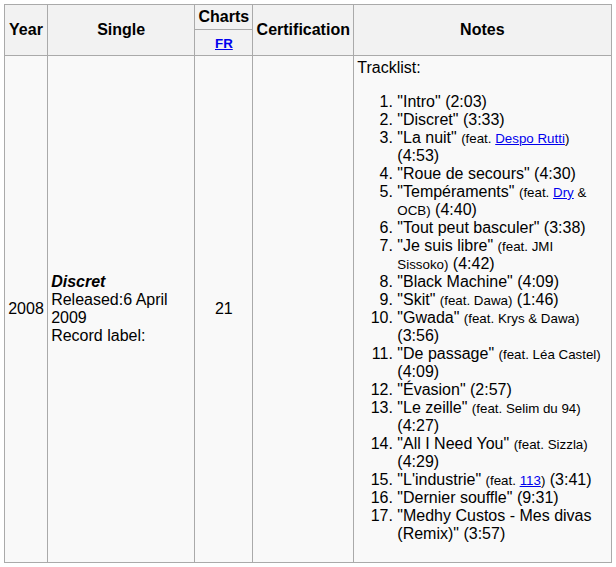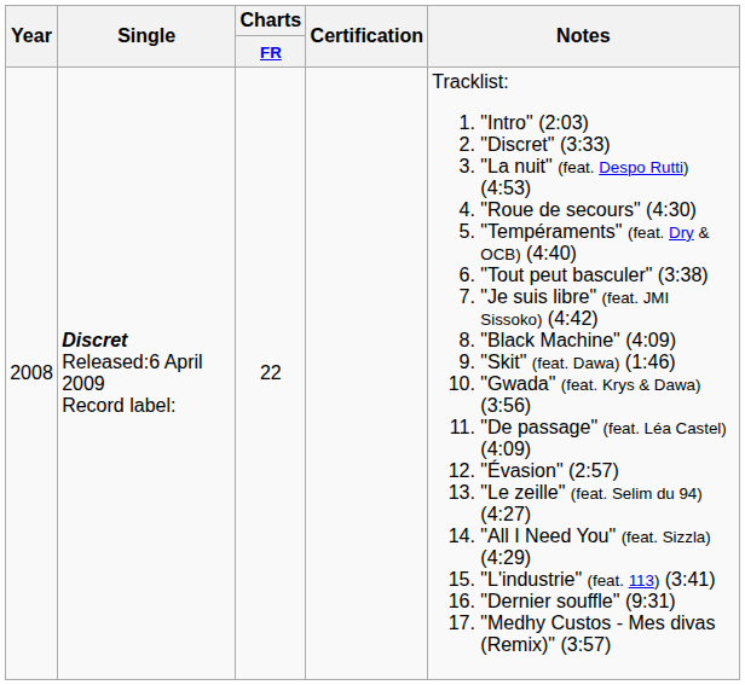 <table class="wikitable">
 <tr>
 <th align="center" rowspan="2" width="10">Year</th>
 <th align="center" rowspan="2" width="140">Single</th>
 <th align="center" colspan="1">Charts</th>
 <th align="center" rowspan="2" width="30">Certification</th>
 <th align="center" rowspan="2" width="250">Notes</th>
 </tr>
 <tr>
 <th width="20"><small><a href='#'>FR</a></small><br></th>
 </tr>
 <tr>
 <td align="center" rowspan="1">2008</td>
 <td><strong><em>Discret</em></strong> <br> Released:6 April 2009 <br>Record label:</td>
-<td align="center">21</td>
+<td align="center">22</td>
 <td></td>
 <td align="left">Tracklist:<br><ol><li>"Intro" (2:03)</li><li>"Discret" (3:33)</li><li>"La nuit" <small>(feat. <a href='#'>Despo Rutti</a>)</small> (4:53)</li><li>"Roue de secours" (4:30)</li><li>"Tempéraments" <small>(feat. <a href='#'>Dry</a> & OCB)</small> (4:40)</li><li>"Tout peut basculer" (3:38)</li><li>"Je suis libre" <small>(feat. JMI Sissoko)</small> (4:42)</li><li>"Black Machine" (4:09)</li><li>"Skit" <small>(feat. Dawa)</small> (1:46)</li><li>"Gwada" <small>(feat. Krys & Dawa)</small> (3:56)</li><li>"De passage" <small>(feat. Léa Castel)</small>	(4:09)</li><li>"Évasion" (2:57)</li><li>"Le zeille" <small>(feat. Selim du 94)</small>	(4:27)</li><li>"All I Need You" <small>(feat. Sizzla)</small>	(4:29)</li><li>"L'industrie" <small>(feat. <a href='#'>113</a>)</small> (3:41)</li><li>"Dernier souffle" (9:31)</li><li>"Medhy Custos - Mes divas (Remix)" (3:57)</li></ol></td>
 </tr>
 <tr>
 </tr>
 </table>
